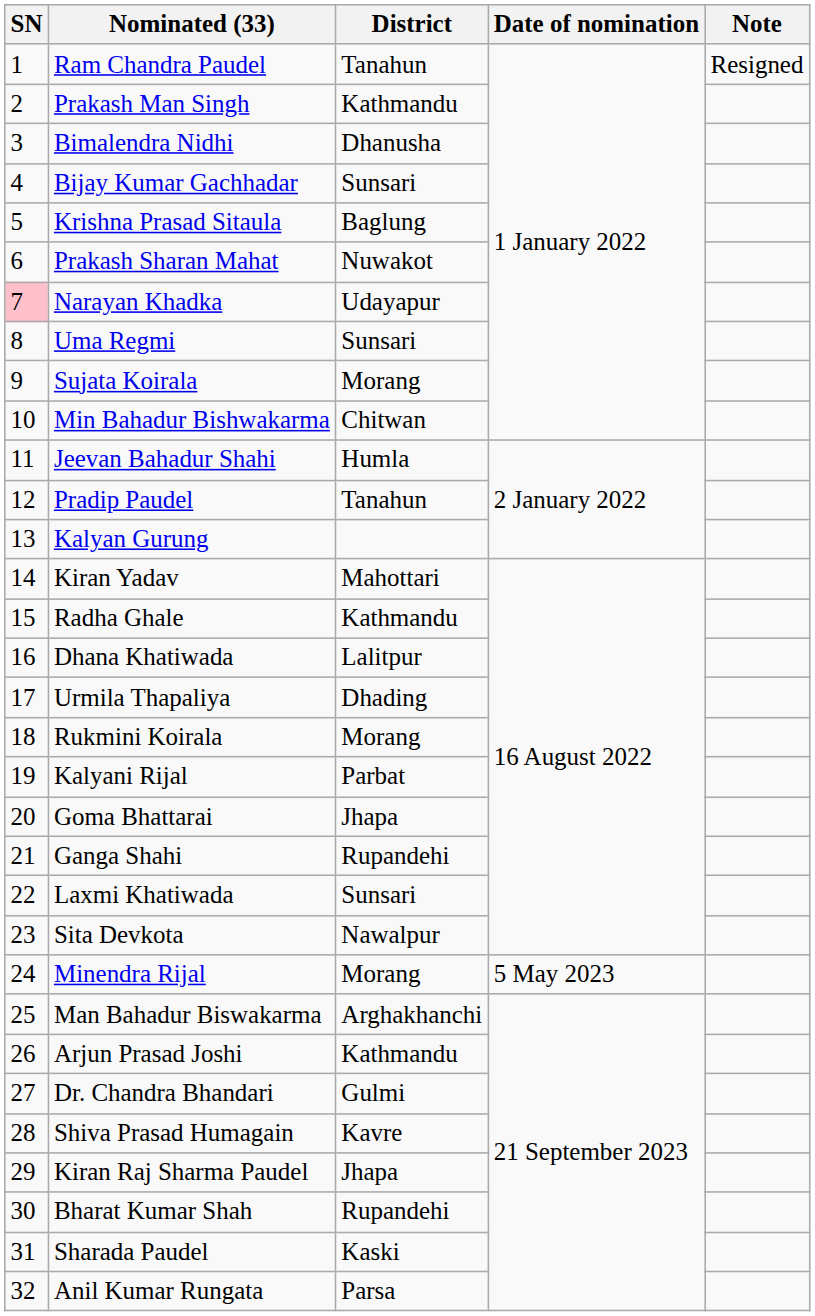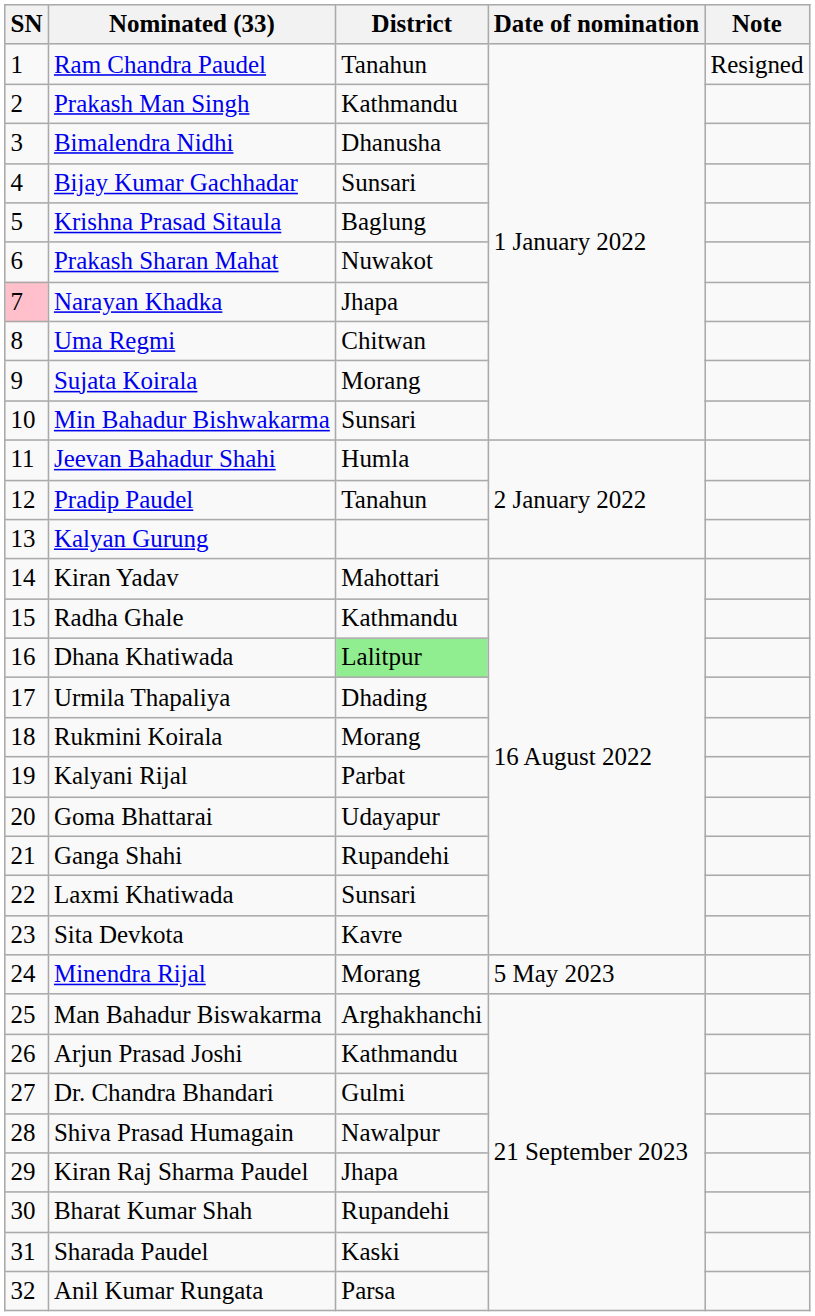 <table class="wikitable sortable">
 <tr>
 <th>SN</th>
 <th>Nominated (33)</th>
 <th>District</th>
 <th>Date of nomination</th>
 <th>Note</th>
 </tr>
 <tr>
 <td>1</td>
 <td><a href='#'>Ram Chandra Paudel</a></td>
 <td>Tanahun</td>
 <td rowspan="10">1 January 2022</td>
 <td>Resigned</td>
 </tr>
 <tr>
 <td>2</td>
 <td><a href='#'>Prakash Man Singh</a></td>
 <td>Kathmandu</td>
 <td></td>
 </tr>
 <tr>
 <td>3</td>
 <td><a href='#'>Bimalendra Nidhi</a></td>
 <td>Dhanusha</td>
 <td></td>
 </tr>
 <tr>
 <td>4</td>
 <td><a href='#'>Bijay Kumar Gachhadar</a></td>
 <td>Sunsari</td>
 <td></td>
 </tr>
 <tr>
 <td>5</td>
 <td><a href='#'>Krishna Prasad Sitaula</a></td>
 <td>Baglung</td>
 <td></td>
 </tr>
 <tr>
 <td>6</td>
 <td><a href='#'>Prakash Sharan Mahat</a></td>
 <td>Nuwakot</td>
 <td></td>
 </tr>
 <tr>
 <td style="background: pink;">7</td>
 <td><a href='#'>Narayan Khadka</a></td>
-<td>Udayapur</td>
+<td>Jhapa</td>
 <td></td>
 </tr>
 <tr>
 <td>8</td>
 <td><a href='#'>Uma Regmi</a></td>
-<td>Sunsari</td>
+<td>Chitwan</td>
 <td></td>
 </tr>
 <tr>
 <td>9</td>
 <td><a href='#'>Sujata Koirala</a></td>
 <td>Morang</td>
 <td></td>
 </tr>
 <tr>
 <td>10</td>
 <td><a href='#'>Min Bahadur Bishwakarma</a></td>
-<td>Chitwan</td>
+<td>Sunsari</td>
 <td></td>
 </tr>
 <tr>
 <td>11</td>
 <td><a href='#'>Jeevan Bahadur Shahi</a></td>
 <td>Humla</td>
 <td rowspan="3">2 January 2022</td>
 <td></td>
 </tr>
 <tr>
 <td>12</td>
 <td><a href='#'>Pradip Paudel</a></td>
 <td>Tanahun</td>
 <td></td>
 </tr>
 <tr>
 <td>13</td>
 <td><a href='#'>Kalyan Gurung</a></td>
 <td></td>
 <td></td>
 </tr>
 <tr>
 <td>14</td>
 <td>Kiran Yadav</td>
 <td>Mahottari</td>
 <td rowspan="10">16 August 2022</td>
 <td></td>
 </tr>
 <tr>
 <td>15</td>
 <td>Radha Ghale</td>
 <td>Kathmandu</td>
 <td></td>
 </tr>
 <tr>
 <td>16</td>
 <td>Dhana Khatiwada</td>
-<td>Lalitpur</td>
+<td style="background: lightgreen;">Lalitpur</td>
 <td></td>
 </tr>
 <tr>
 <td>17</td>
 <td>Urmila Thapaliya</td>
 <td>Dhading</td>
 <td></td>
 </tr>
 <tr>
 <td>18</td>
 <td>Rukmini Koirala</td>
 <td>Morang</td>
 <td></td>
 </tr>
 <tr>
 <td>19</td>
 <td>Kalyani Rijal</td>
 <td>Parbat</td>
 <td></td>
 </tr>
 <tr>
 <td>20</td>
 <td>Goma Bhattarai</td>
-<td>Jhapa</td>
+<td>Udayapur</td>
 <td></td>
 </tr>
 <tr>
 <td>21</td>
 <td>Ganga Shahi</td>
 <td>Rupandehi</td>
 <td></td>
 </tr>
 <tr>
 <td>22</td>
 <td>Laxmi Khatiwada</td>
 <td>Sunsari</td>
 <td></td>
 </tr>
 <tr>
 <td>23</td>
 <td>Sita Devkota</td>
-<td>Nawalpur</td>
+<td>Kavre</td>
 <td></td>
 </tr>
 <tr>
 <td>24</td>
 <td><a href='#'>Minendra Rijal</a></td>
 <td>Morang</td>
 <td>5 May 2023</td>
 <td></td>
 </tr>
 <tr>
 <td>25</td>
 <td>Man Bahadur Biswakarma</td>
 <td>Arghakhanchi</td>
 <td rowspan="8">21 September 2023</td>
 <td></td>
 </tr>
 <tr>
 <td>26</td>
 <td>Arjun Prasad Joshi</td>
 <td>Kathmandu</td>
 <td></td>
 </tr>
 <tr>
 <td>27</td>
 <td>Dr. Chandra Bhandari</td>
 <td>Gulmi</td>
 <td></td>
 </tr>
 <tr>
 <td>28</td>
 <td>Shiva Prasad Humagain</td>
-<td>Kavre</td>
+<td>Nawalpur</td>
 <td></td>
 </tr>
 <tr>
 <td>29</td>
 <td>Kiran Raj Sharma Paudel</td>
 <td>Jhapa</td>
 <td></td>
 </tr>
 <tr>
 <td>30</td>
 <td>Bharat Kumar Shah</td>
 <td>Rupandehi</td>
 <td></td>
 </tr>
 <tr>
 <td>31</td>
 <td>Sharada Paudel</td>
 <td>Kaski</td>
 <td></td>
 </tr>
 <tr>
 <td>32</td>
 <td>Anil Kumar Rungata</td>
 <td>Parsa</td>
 <td></td>
 </tr>
 </table>
